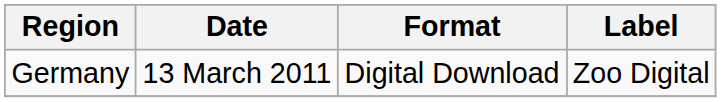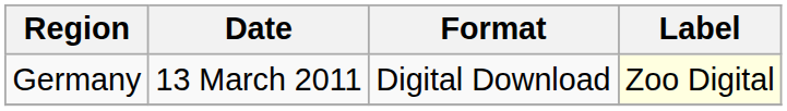 <table class=wikitable>
 <tr>
 <th>Region</th>
 <th>Date</th>
 <th>Format</th>
 <th>Label</th>
 </tr>
 <tr>
 <td>Germany</td>
 <td>13 March 2011</td>
 <td>Digital Download</td>
-<td>Zoo Digital</td>
+<td style="background: lightyellow;">Zoo Digital</td>
 </tr>
 <tr>
 </tr>
 </table>
